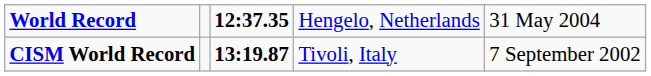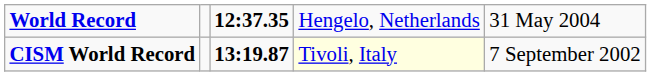 <table class="wikitable">
 <tr>
 <td><strong><a href='#'>World Record</a></strong></td>
 <td></td>
 <td><strong>12:37.35</strong></td>
 <td><a href='#'>Hengelo</a>, <a href='#'>Netherlands</a></td>
 <td>31 May 2004</td>
 </tr>
 <tr>
 <td><strong><a href='#'>CISM</a> World Record</strong></td>
 <td></td>
 <td><strong>13:19.87</strong></td>
-<td><a href='#'>Tivoli</a>, <a href='#'>Italy</a></td>
+<td style="background: lightyellow;"><a href='#'>Tivoli</a>, <a href='#'>Italy</a></td>
 <td>7 September 2002</td>
 </tr>
 </table>
